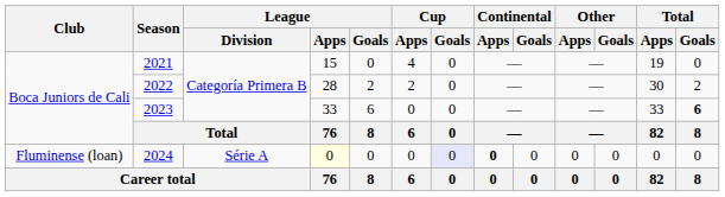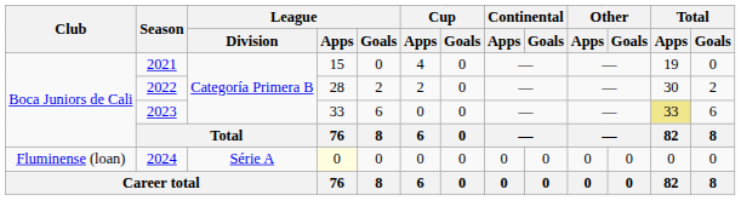 <table class="wikitable" style="text-align: center;">
 <tr>
 <th rowspan="2">Club</th>
 <th rowspan="2">Season</th>
 <th colspan="3">League</th>
 <th colspan="2">Cup</th>
 <th colspan="2">Continental</th>
 <th colspan="2">Other</th>
 <th colspan="2">Total</th>
 </tr>
 <tr>
 <th>Division</th>
 <th>Apps</th>
 <th>Goals</th>
 <th>Apps</th>
 <th>Goals</th>
 <th>Apps</th>
 <th>Goals</th>
 <th>Apps</th>
 <th>Goals</th>
 <th>Apps</th>
 <th>Goals</th>
 </tr>
 <tr>
 <td rowspan="4"><a href='#'>Boca Juniors de Cali</a></td>
 <td><a href='#'>2021</a></td>
 <td rowspan="3"><a href='#'>Categoría Primera B</a></td>
 <td>15</td>
 <td>0</td>
 <td>4</td>
 <td>0</td>
 <td colspan="2">—</td>
 <td colspan="2">—</td>
 <td>19</td>
 <td>0</td>
 </tr>
 <tr>
 <td><a href='#'>2022</a></td>
 <td>28</td>
 <td>2</td>
 <td>2</td>
 <td>0</td>
 <td colspan="2">—</td>
 <td colspan="2">—</td>
 <td>30</td>
 <td>2</td>
 </tr>
 <tr>
 <td><a href='#'>2023</a></td>
 <td>33</td>
 <td>6</td>
 <td>0</td>
 <td>0</td>
 <td colspan="2">—</td>
 <td colspan="2">—</td>
-<td>33</td>
-<td><strong>6</strong></td>
+<td style="background: khaki;">33</td>
+<td>6</td>
 </tr>
 <tr>
 <th colspan="2">Total</th>
 <th>76</th>
 <th>8</th>
 <th>6</th>
 <th>0</th>
 <th colspan="2">—</th>
 <th colspan="2">—</th>
 <th>82</th>
 <th>8</th>
 </tr>
 <tr>
 <td><a href='#'>Fluminense</a> (loan)</td>
 <td><a href='#'>2024</a></td>
 <td><a href='#'>Série A</a></td>
 <td style="background: lightyellow;">0</td>
 <td>0</td>
 <td>0</td>
-<td style="background: lavender;">0</td>
-<td><strong>0</strong></td>
+<td>0</td>
+<td>0</td>
 <td>0</td>
 <td>0</td>
 <td>0</td>
 <td>0</td>
 <td>0</td>
 </tr>
 <tr>
 <th colspan="3">Career total</th>
 <th>76</th>
 <th>8</th>
 <th>6</th>
 <th>0</th>
 <th>0</th>
 <th>0</th>
 <th>0</th>
 <th>0</th>
 <th>82</th>
 <th>8</th>
 </tr>
 </table>
